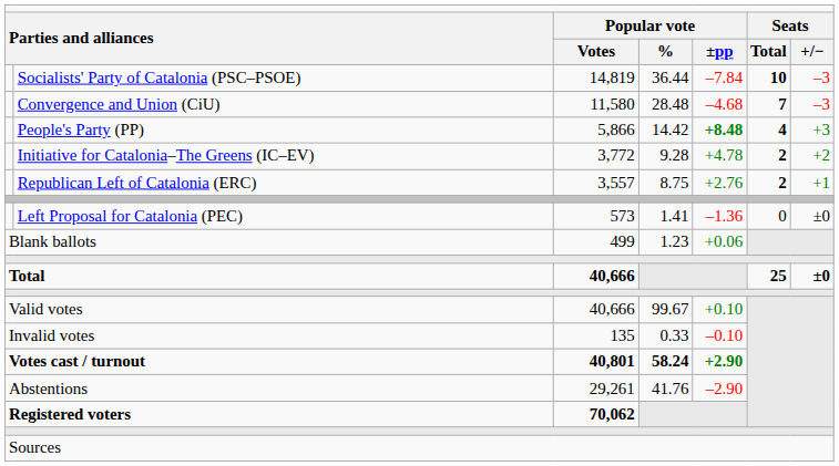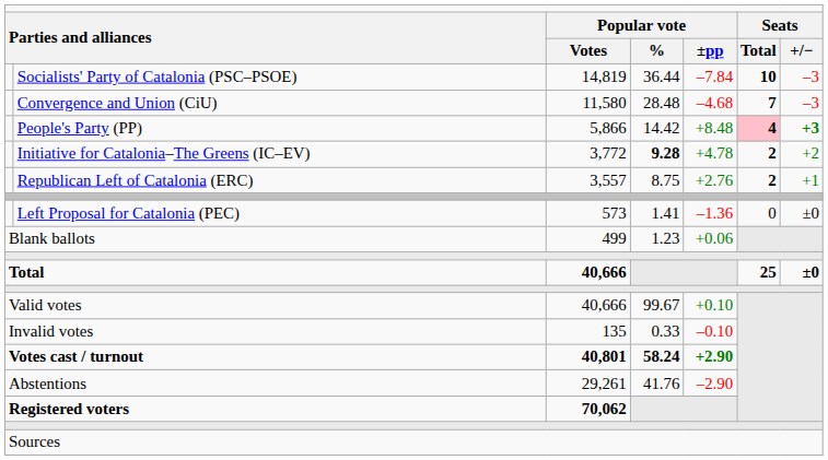 <table class="wikitable" style="text-align:right;">
 <tr>
 <td colspan="7"></td>
 </tr>
 <tr>
 <th style="text-align:left;" rowspan="2" colspan="2" width="525">Parties and alliances</th>
 <th colspan="3">Popular vote</th>
 <th colspan="2">Seats</th>
 </tr>
 <tr>
 <th width="75">Votes</th>
 <th width="45">%</th>
 <th width="45">±<a href='#'>pp</a></th>
 <th width="35">Total</th>
 <th width="35">+/−</th>
 </tr>
 <tr>
 <td width="1" style="color:inherit;background:"></td>
 <td align="left"><a href='#'>Socialists' Party of Catalonia</a> (PSC–PSOE)</td>
 <td>14,819</td>
 <td>36.44</td>
 <td style="color:red;">–7.84</td>
 <td><strong>10</strong></td>
 <td style="color:red;">–3</td>
 </tr>
 <tr>
 <td style="color:inherit;background:"></td>
 <td align="left"><a href='#'>Convergence and Union</a> (CiU)</td>
 <td>11,580</td>
 <td>28.48</td>
 <td style="color:red;">–4.68</td>
 <td><strong>7</strong></td>
 <td style="color:red;">–3</td>
 </tr>
 <tr>
 <td style="color:inherit;background:"></td>
 <td align="left"><a href='#'>People's Party</a> (PP)</td>
 <td>5,866</td>
 <td>14.42</td>
-<td style="color:green;"><strong>+8.48</strong></td>
-<td><strong>4</strong></td>
-<td style="color:green;">+3</td>
+<td style="color:green;">+8.48</td>
+<td style="background: pink;"><strong>4</strong></td>
+<td style="color:green;"><strong>+3</strong></td>
 </tr>
 <tr>
 <td style="color:inherit;background:"></td>
 <td align="left"><a href='#'>Initiative for Catalonia</a>–<a href='#'>The Greens</a> (IC–EV)</td>
 <td>3,772</td>
-<td>9.28</td>
+<td><strong>9.28</strong></td>
 <td style="color:green;">+4.78</td>
 <td><strong>2</strong></td>
 <td style="color:green;">+2</td>
 </tr>
 <tr>
 <td style="color:inherit;background:"></td>
 <td align="left"><a href='#'>Republican Left of Catalonia</a> (ERC)</td>
 <td>3,557</td>
 <td>8.75</td>
 <td style="color:green;">+2.76</td>
 <td><strong>2</strong></td>
 <td style="color:green;">+1</td>
 </tr>
 <tr>
 <td colspan="7" style="color:inherit;background:#C0C0C0"></td>
 </tr>
 <tr>
 <td style="color:inherit;background:"></td>
 <td align="left"><a href='#'>Left Proposal for Catalonia</a> (PEC)</td>
 <td>573</td>
 <td>1.41</td>
 <td style="color:red;">–1.36</td>
 <td>0</td>
 <td>±0</td>
 </tr>
 <tr>
 <td align="left" colspan="2">Blank ballots</td>
 <td>499</td>
 <td>1.23</td>
 <td style="color:green;">+0.06</td>
 <td style="color:inherit;background:#E9E9E9" colspan="2"></td>
 </tr>
 <tr>
 <td colspan="7" style="color:inherit;background:#E9E9E9"></td>
 </tr>
 <tr style="font-weight:bold;">
 <td align="left" colspan="2">Total</td>
 <td>40,666</td>
 <td bgcolor="#E9E9E9" colspan="2"></td>
 <td>25</td>
 <td>±0</td>
 </tr>
 <tr>
 <td colspan="7" style="color:inherit;background:#E9E9E9"></td>
 </tr>
 <tr>
 <td align="left" colspan="2">Valid votes</td>
 <td>40,666</td>
 <td>99.67</td>
 <td style="color:green;">+0.10</td>
 <td bgcolor="#E9E9E9" colspan="2" rowspan="5"></td>
 </tr>
 <tr>
 <td align="left" colspan="2">Invalid votes</td>
 <td>135</td>
 <td>0.33</td>
 <td style="color:red;">–0.10</td>
 </tr>
 <tr style="font-weight:bold;">
 <td align="left" colspan="2">Votes cast / turnout</td>
 <td>40,801</td>
 <td>58.24</td>
 <td style="color:green;">+2.90</td>
 </tr>
 <tr>
 <td align="left" colspan="2">Abstentions</td>
 <td>29,261</td>
 <td>41.76</td>
 <td style="color:red;">–2.90</td>
 </tr>
 <tr style="font-weight:bold;">
 <td align="left" colspan="2">Registered voters</td>
 <td>70,062</td>
 <td bgcolor="#E9E9E9" colspan="2"></td>
 </tr>
 <tr>
 <td colspan="7" style="color:inherit;background:#E9E9E9"></td>
 </tr>
 <tr>
 <td align="left" colspan="7">Sources</td>
 </tr>
 </table>
